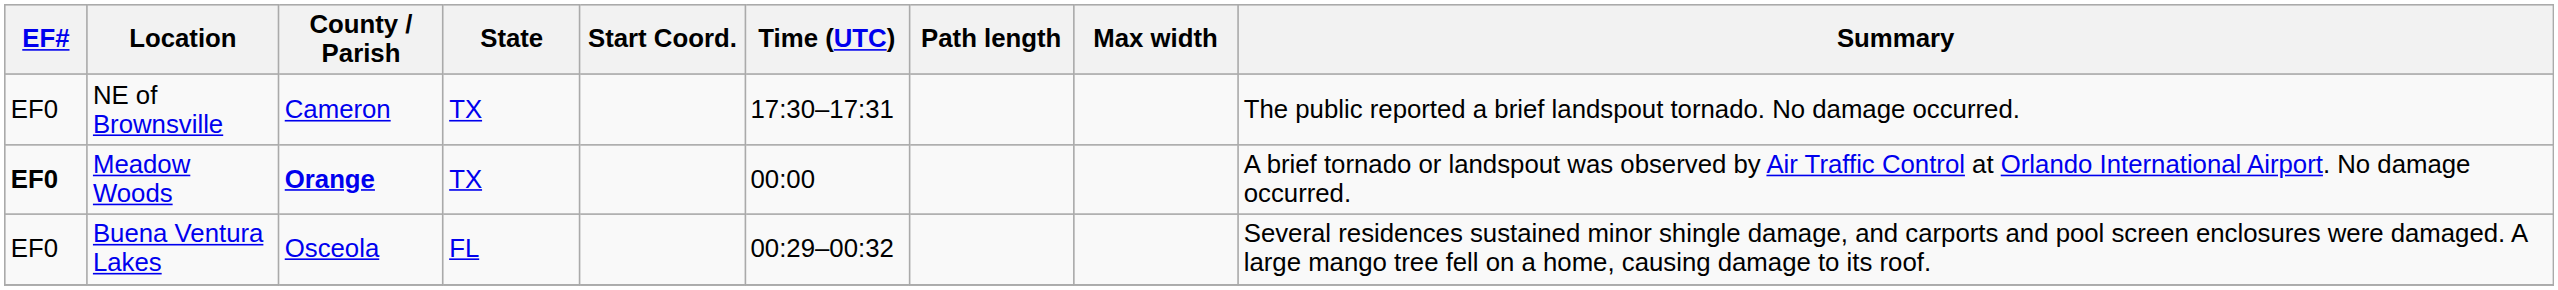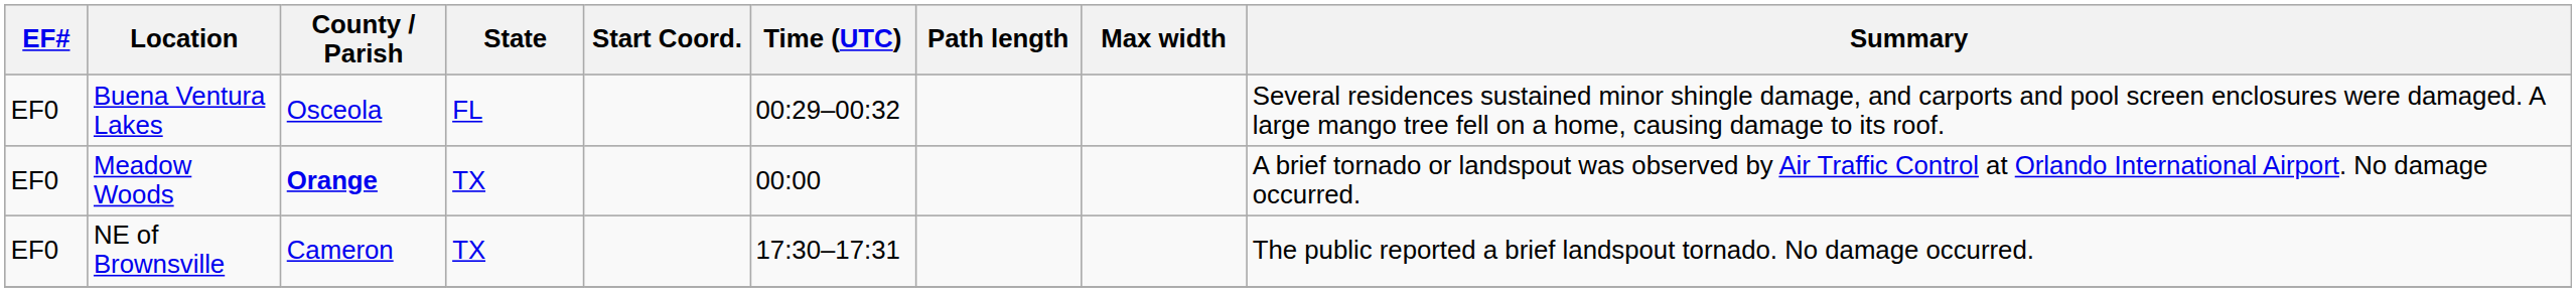 <table class="wikitable sortable" style="width:100%;">
 <tr>
 <th scope="col"  style="width:3%; text-align:center;"><a href='#'>EF#</a></th>
 <th scope="col"  style="width:7%; text-align:center;" class="unsortable">Location</th>
 <th scope="col"  style="width:6%; text-align:center;" class="unsortable">County / Parish</th>
 <th scope="col"  style="width:5%; text-align:center;">State</th>
 <th scope="col"  style="width:6%; text-align:center;">Start Coord.</th>
 <th scope="col"  style="width:6%; text-align:center;">Time (<a href='#'>UTC</a>)</th>
 <th scope="col"  style="width:6%; text-align:center;">Path length</th>
 <th scope="col"  style="width:6%; text-align:center;">Max width</th>
 <th scope="col" class="unsortable" style="width:48%; text-align:center;">Summary</th>
 </tr>
 <tr>
 <td>EF0</td>
-<td>NE of <a href='#'>Brownsville</a></td>
-<td><a href='#'>Cameron</a></td>
-<td><a href='#'>TX</a></td>
+<td><a href='#'>Buena Ventura Lakes</a></td>
+<td><a href='#'>Osceola</a></td>
+<td><a href='#'>FL</a></td>
 <td></td>
-<td>17:30–17:31</td>
+<td>00:29–00:32</td>
 <td></td>
 <td></td>
-<td>The public reported a brief landspout tornado. No damage occurred.</td>
+<td>Several residences sustained minor shingle damage, and carports and pool screen enclosures were damaged. A large mango tree fell on a home, causing damage to its roof.</td>
 </tr>
 <tr>
-<td><strong>EF0</strong></td>
+<td>EF0</td>
 <td><a href='#'>Meadow Woods</a></td>
 <td><strong><a href='#'>Orange</a></strong></td>
 <td><a href='#'>TX</a></td>
 <td></td>
 <td>00:00</td>
 <td></td>
 <td></td>
 <td>A brief tornado or landspout was observed by <a href='#'>Air Traffic Control</a> at <a href='#'>Orlando International Airport</a>. No damage occurred.</td>
 </tr>
 <tr>
 <td>EF0</td>
-<td><a href='#'>Buena Ventura Lakes</a></td>
-<td><a href='#'>Osceola</a></td>
-<td><a href='#'>FL</a></td>
+<td>NE of <a href='#'>Brownsville</a></td>
+<td><a href='#'>Cameron</a></td>
+<td><a href='#'>TX</a></td>
 <td></td>
-<td>00:29–00:32</td>
+<td>17:30–17:31</td>
 <td></td>
 <td></td>
-<td>Several residences sustained minor shingle damage, and carports and pool screen enclosures were damaged. A large mango tree fell on a home, causing damage to its roof.</td>
+<td>The public reported a brief landspout tornado. No damage occurred.</td>
 </tr>
 <tr>
 </tr>
 </table>
